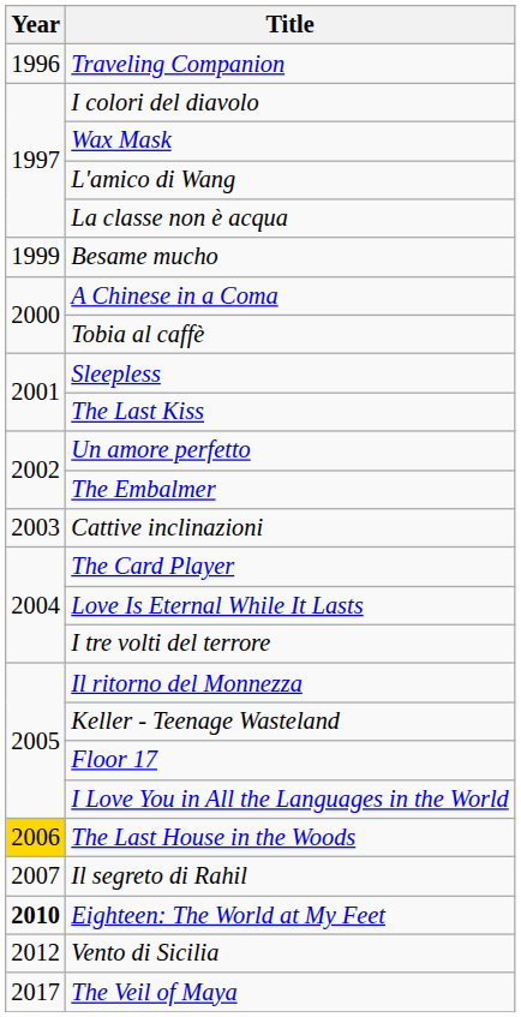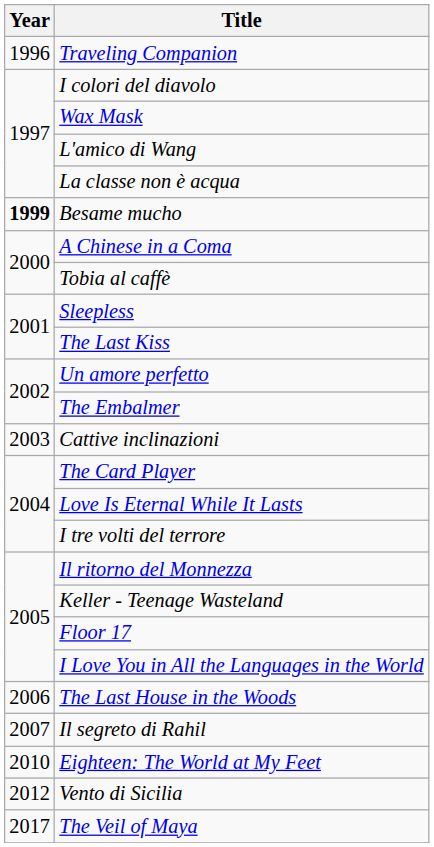 <table class="wikitable">
 <tr>
 <th>Year</th>
 <th>Title</th>
 </tr>
 <tr>
 <td>1996</td>
 <td><em><a href='#'>Traveling Companion</a></em></td>
 </tr>
 <tr>
 <td rowspan="4">1997</td>
 <td><em>I colori del diavolo</em></td>
 </tr>
 <tr>
 <td><em><a href='#'>Wax Mask</a></em></td>
 </tr>
 <tr>
 <td><em>L'amico di Wang</em></td>
 </tr>
 <tr>
 <td><em>La classe non è acqua</em></td>
 </tr>
 <tr>
-<td>1999</td>
+<td><strong>1999</strong></td>
 <td><em>Besame mucho</em></td>
 </tr>
 <tr>
 <td rowspan="2">2000</td>
 <td><em><a href='#'>A Chinese in a Coma</a></em></td>
 </tr>
 <tr>
 <td><em>Tobia al caffè</em></td>
 </tr>
 <tr>
 <td rowspan="2">2001</td>
 <td><em><a href='#'>Sleepless</a></em></td>
 </tr>
 <tr>
 <td><em><a href='#'>The Last Kiss</a></em></td>
 </tr>
 <tr>
 <td rowspan="2">2002</td>
 <td><em><a href='#'>Un amore perfetto</a></em></td>
 </tr>
 <tr>
 <td><em><a href='#'>The Embalmer</a></em></td>
 </tr>
 <tr>
 <td>2003</td>
 <td><em>Cattive inclinazioni</em></td>
 </tr>
 <tr>
 <td rowspan="3">2004</td>
 <td><em><a href='#'>The Card Player</a></em></td>
 </tr>
 <tr>
 <td><em><a href='#'>Love Is Eternal While It Lasts</a></em></td>
 </tr>
 <tr>
 <td><em>I tre volti del terrore</em></td>
 </tr>
 <tr>
 <td rowspan="4">2005</td>
 <td><em><a href='#'>Il ritorno del Monnezza</a></em></td>
 </tr>
 <tr>
 <td><em>Keller - Teenage Wasteland</em></td>
 </tr>
 <tr>
 <td><em><a href='#'>Floor 17</a></em></td>
 </tr>
 <tr>
 <td><em><a href='#'>I Love You in All the Languages in the World</a></em></td>
 </tr>
 <tr>
-<td style="background: gold;">2006</td>
+<td>2006</td>
 <td><em><a href='#'>The Last House in the Woods</a></em></td>
 </tr>
 <tr>
 <td>2007</td>
 <td><em>Il segreto di Rahil</em></td>
 </tr>
 <tr>
-<td><strong>2010</strong></td>
+<td>2010</td>
 <td><em><a href='#'>Eighteen: The World at My Feet</a></em></td>
 </tr>
 <tr>
 <td>2012</td>
 <td><em>Vento di Sicilia</em></td>
 </tr>
 <tr>
 <td>2017</td>
 <td><em><a href='#'>The Veil of Maya</a></em></td>
 </tr>
 </table>
